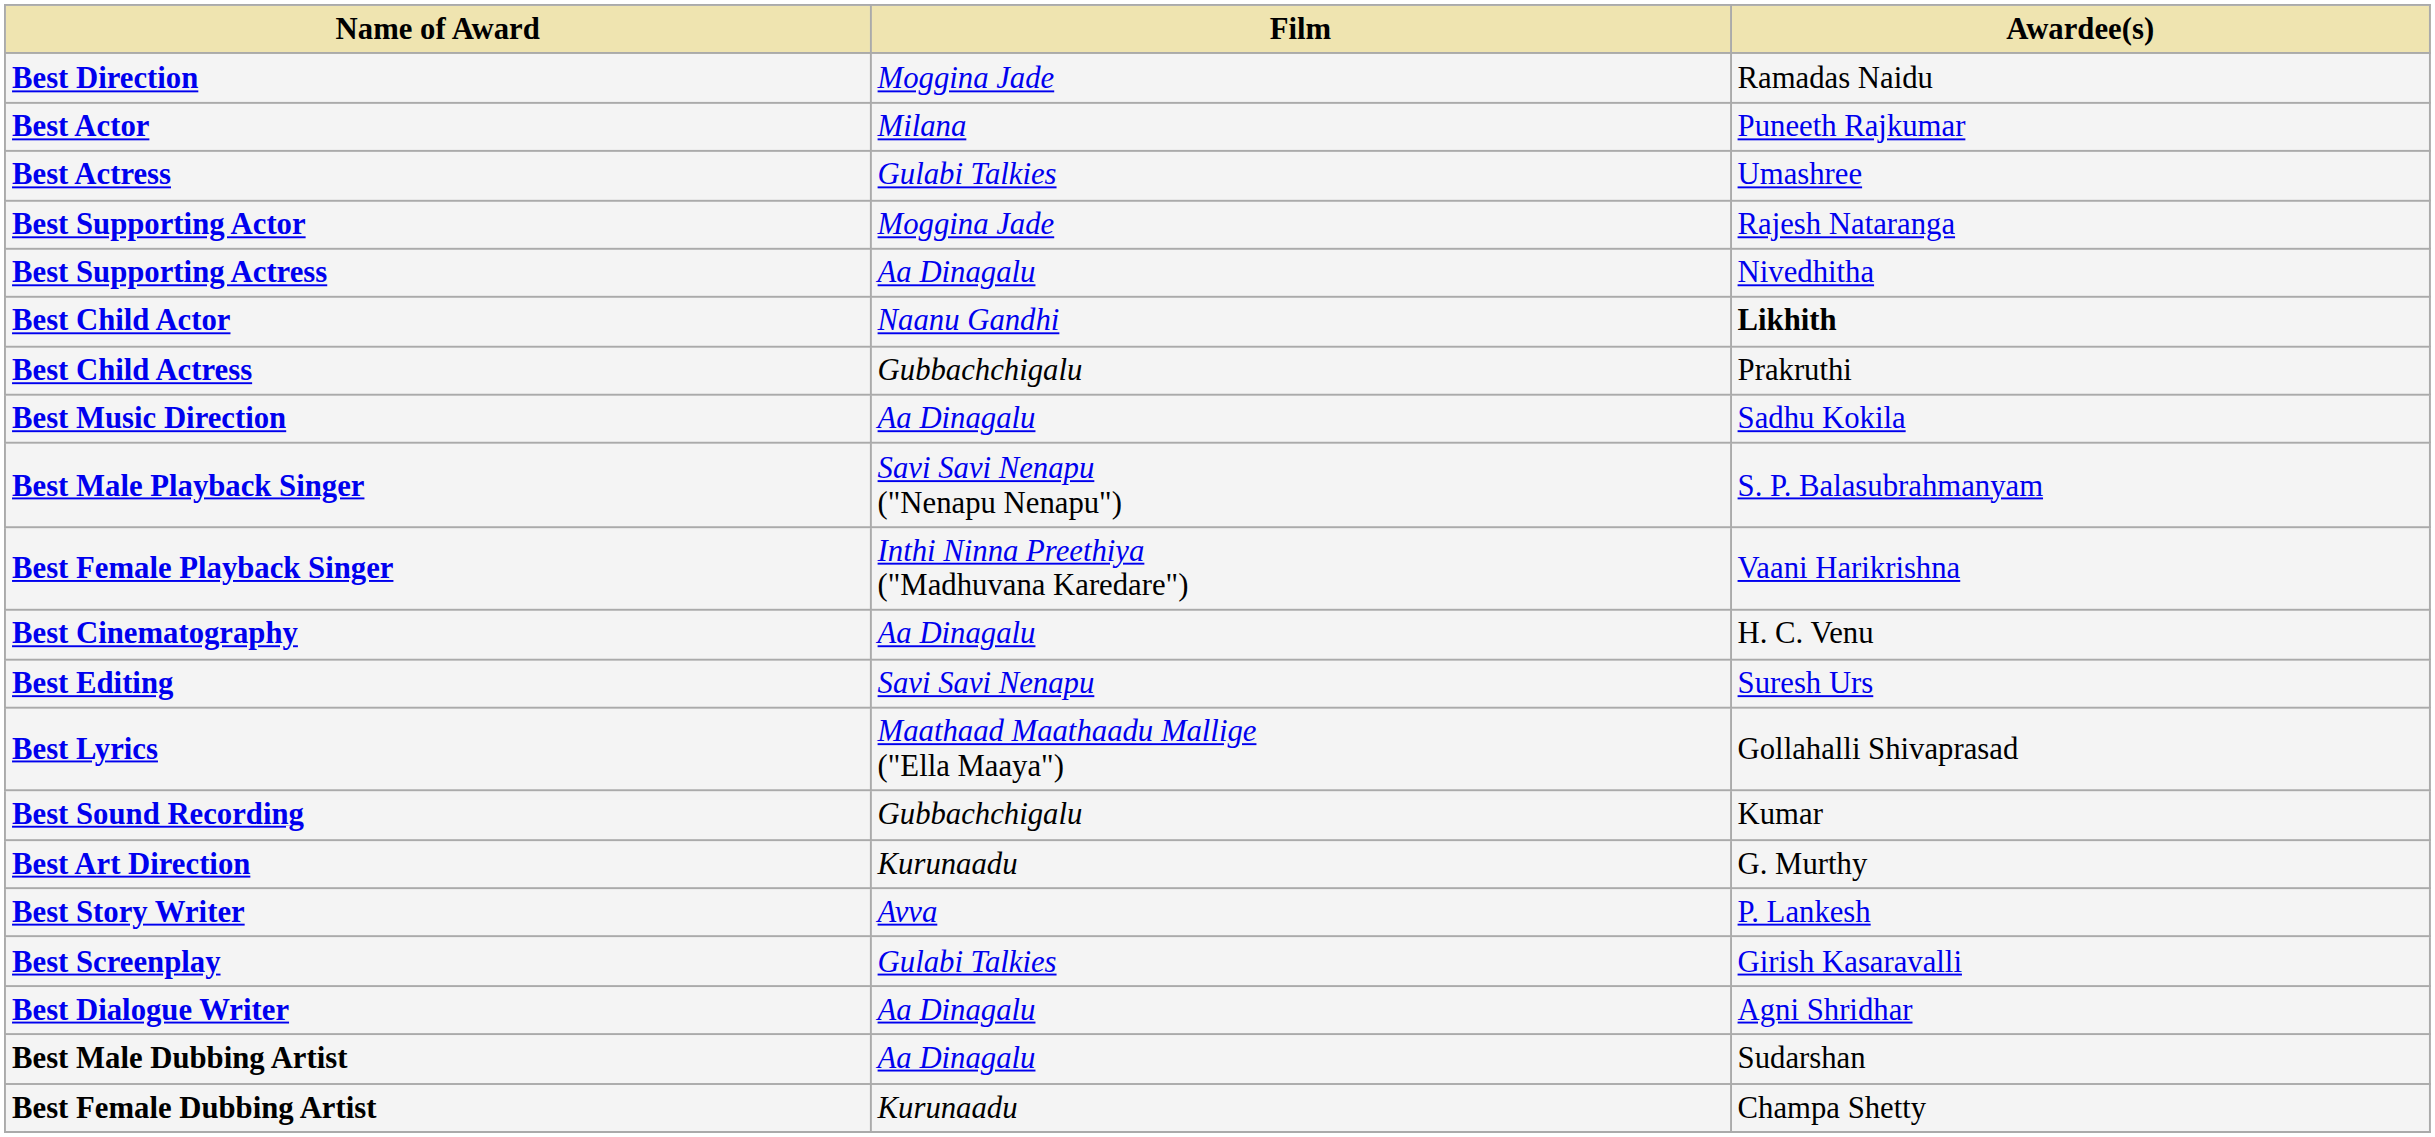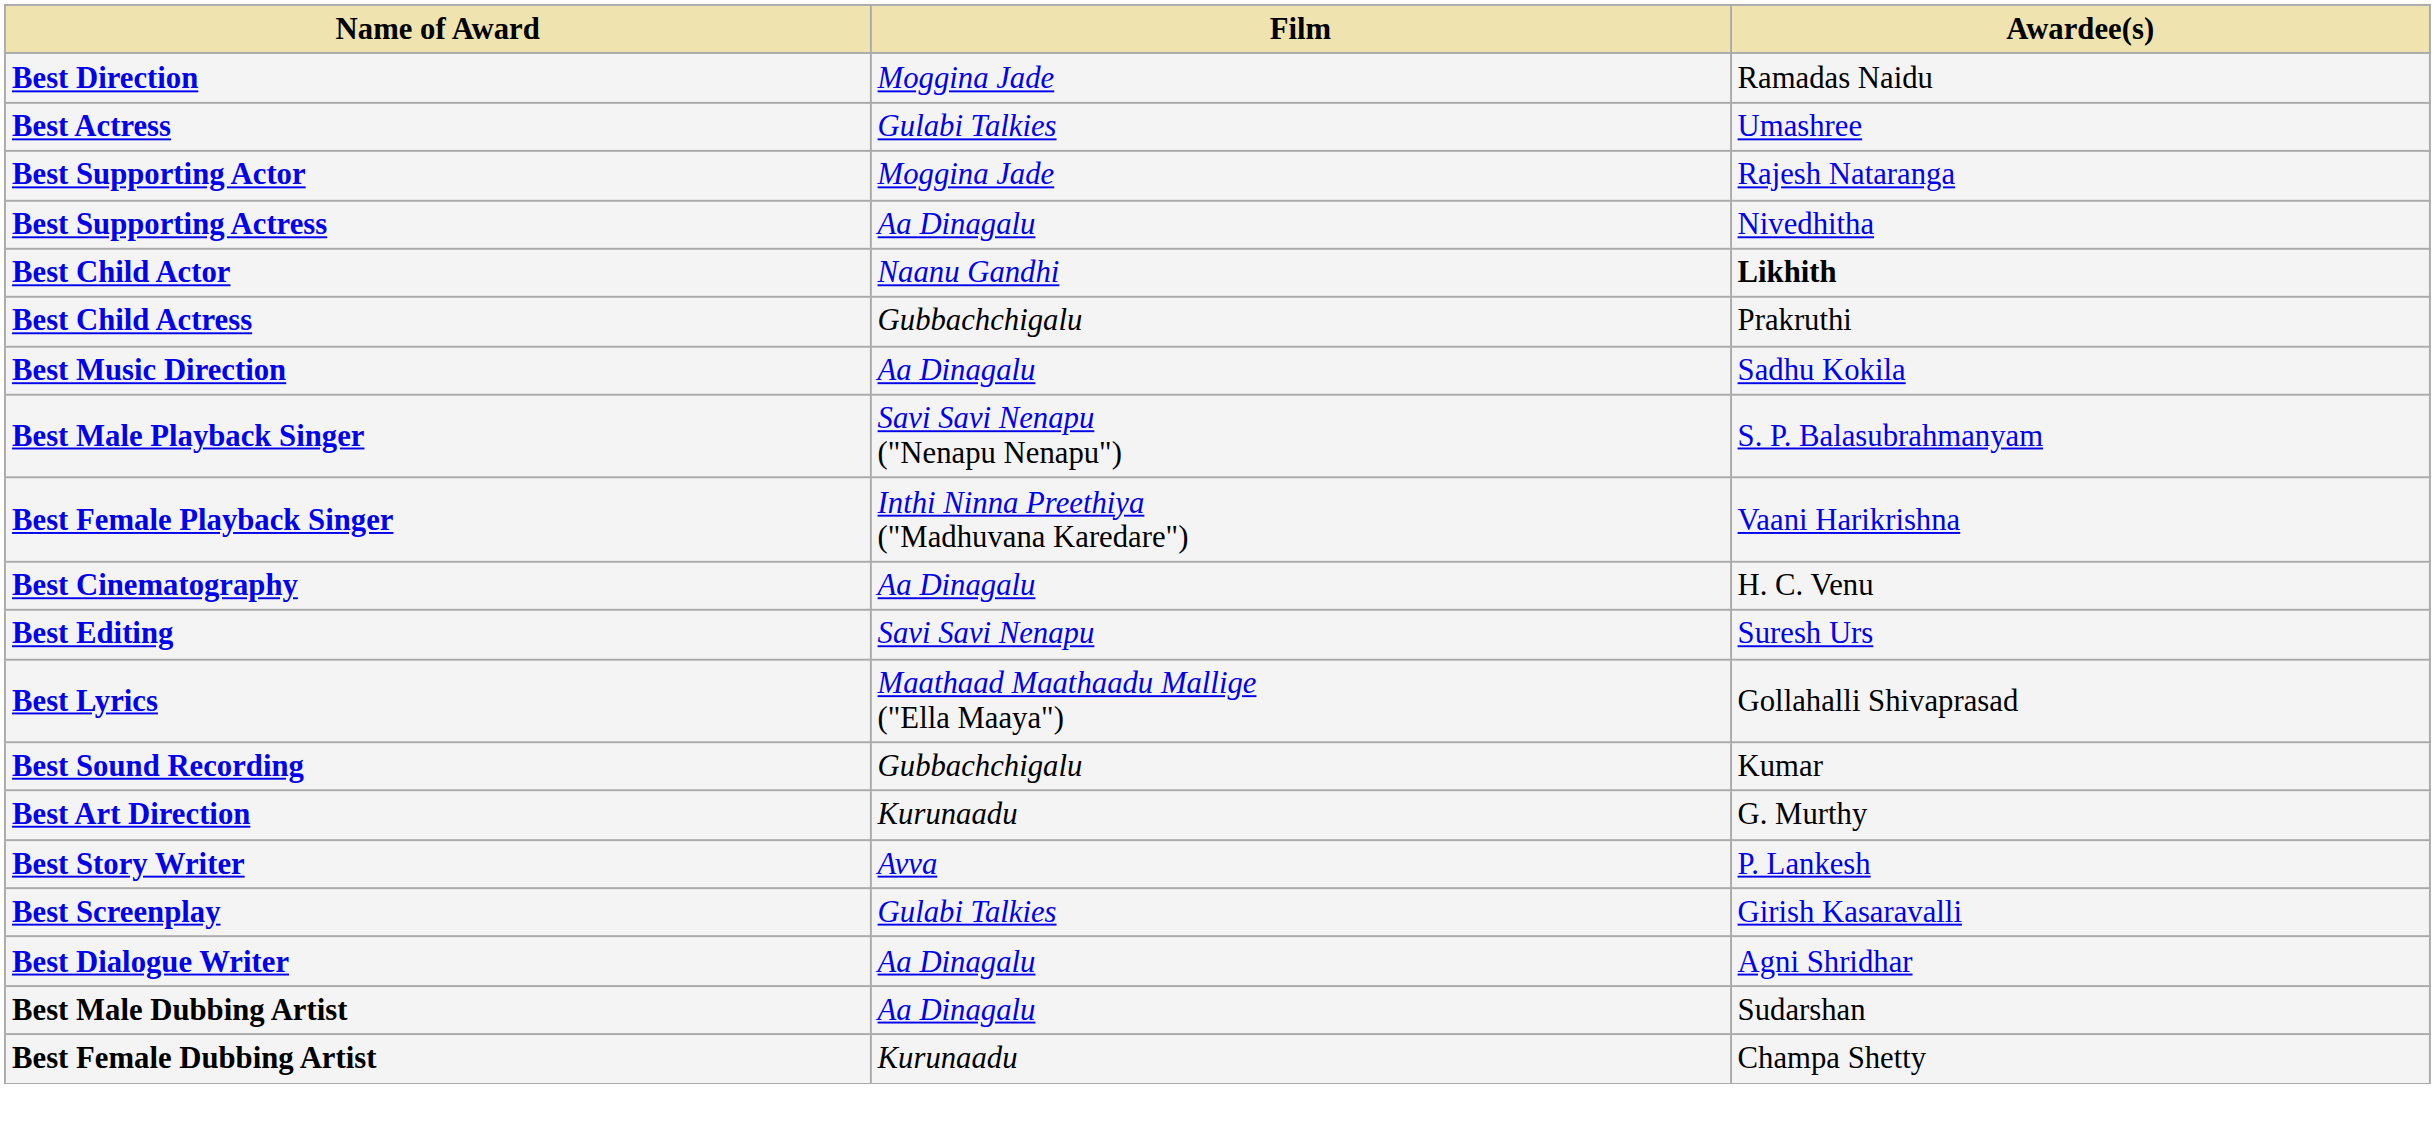 <table class="wikitable" style="width:100%;">
 <tr>
 <th style="background-color:#EFE4B0;">Name of Award</th>
 <th style="background-color:#EFE4B0;">Film</th>
 <th style="background-color:#EFE4B0;">Awardee(s)</th>
 </tr>
 <tr style="background-color:#F4F4F4">
 <td><strong><a href='#'>Best Direction</a></strong></td>
 <td><em><a href='#'>Moggina Jade</a></em></td>
 <td>Ramadas Naidu</td>
-</tr>
-<tr style="background-color:#F4F4F4">
-<td><strong><a href='#'>Best Actor</a></strong></td>
-<td><em><a href='#'>Milana</a></em></td>
-<td><a href='#'>Puneeth Rajkumar</a></td>
 </tr>
 <tr style="background-color:#F4F4F4">
 <td><strong><a href='#'>Best Actress</a></strong></td>
 <td><em><a href='#'>Gulabi Talkies</a></em></td>
 <td><a href='#'>Umashree</a></td>
 </tr>
 <tr style="background-color:#F4F4F4">
 <td><strong><a href='#'>Best Supporting Actor</a></strong></td>
 <td><em><a href='#'>Moggina Jade</a></em></td>
 <td><a href='#'>Rajesh Nataranga</a></td>
 </tr>
 <tr style="background-color:#F4F4F4">
 <td><strong><a href='#'>Best Supporting Actress</a></strong></td>
 <td><em><a href='#'>Aa Dinagalu</a></em></td>
 <td><a href='#'>Nivedhitha</a></td>
 </tr>
 <tr style="background-color:#F4F4F4">
 <td><strong><a href='#'>Best Child Actor</a></strong></td>
 <td><em><a href='#'>Naanu Gandhi</a></em></td>
 <td><strong>Likhith</strong></td>
 </tr>
 <tr style="background-color:#F4F4F4">
 <td><strong><a href='#'>Best Child Actress</a></strong></td>
 <td><em>Gubbachchigalu</em></td>
 <td>Prakruthi</td>
 </tr>
 <tr style="background-color:#F4F4F4">
 <td><strong><a href='#'>Best Music Direction</a></strong></td>
 <td><em><a href='#'>Aa Dinagalu</a></em></td>
 <td><a href='#'>Sadhu Kokila</a></td>
 </tr>
 <tr style="background-color:#F4F4F4">
 <td><strong><a href='#'>Best Male Playback Singer</a></strong></td>
 <td><em><a href='#'>Savi Savi Nenapu</a></em><br>("Nenapu Nenapu")</td>
 <td><a href='#'>S. P. Balasubrahmanyam</a></td>
 </tr>
 <tr style="background-color:#F4F4F4">
 <td><strong><a href='#'>Best Female Playback Singer</a></strong></td>
 <td><em><a href='#'>Inthi Ninna Preethiya</a></em><br>("Madhuvana Karedare")</td>
 <td><a href='#'>Vaani Harikrishna</a></td>
 </tr>
 <tr style="background-color:#F4F4F4">
 <td><strong><a href='#'>Best Cinematography</a></strong></td>
 <td><em><a href='#'>Aa Dinagalu</a></em></td>
 <td>H. C. Venu</td>
 </tr>
 <tr style="background-color:#F4F4F4">
 <td><strong><a href='#'>Best Editing</a></strong></td>
 <td><em><a href='#'>Savi Savi Nenapu</a></em></td>
 <td><a href='#'>Suresh Urs</a></td>
 </tr>
 <tr style="background-color:#F4F4F4">
 <td><strong><a href='#'>Best Lyrics</a></strong></td>
 <td><em><a href='#'>Maathaad Maathaadu Mallige</a></em><br>("Ella Maaya")</td>
 <td>Gollahalli Shivaprasad</td>
 </tr>
 <tr style="background-color:#F4F4F4">
 <td><strong><a href='#'>Best Sound Recording</a></strong></td>
 <td><em>Gubbachchigalu</em></td>
 <td>Kumar</td>
 </tr>
 <tr style="background-color:#F4F4F4">
 <td><strong><a href='#'>Best Art Direction</a></strong></td>
 <td><em>Kurunaadu</em></td>
 <td>G. Murthy</td>
 </tr>
 <tr style="background-color:#F4F4F4">
 <td><strong><a href='#'>Best Story Writer</a></strong></td>
 <td><em><a href='#'>Avva</a></em></td>
 <td><a href='#'>P. Lankesh</a></td>
 </tr>
 <tr style="background-color:#F4F4F4">
 <td><strong><a href='#'>Best Screenplay</a></strong></td>
 <td><em><a href='#'>Gulabi Talkies</a></em></td>
 <td><a href='#'>Girish Kasaravalli</a></td>
 </tr>
 <tr style="background-color:#F4F4F4">
 <td><strong><a href='#'>Best Dialogue Writer</a></strong></td>
 <td><em><a href='#'>Aa Dinagalu</a></em></td>
 <td><a href='#'>Agni Shridhar</a></td>
 </tr>
 <tr style="background-color:#F4F4F4">
 <td><strong>Best Male Dubbing Artist</strong></td>
 <td><em><a href='#'>Aa Dinagalu</a></em></td>
 <td>Sudarshan</td>
 </tr>
 <tr style="background-color:#F4F4F4">
 <td><strong>Best Female Dubbing Artist</strong></td>
 <td><em>Kurunaadu</em></td>
 <td>Champa Shetty</td>
 </tr>
 <tr style="background-color:#F4F4F4">
 </tr>
 </table>
